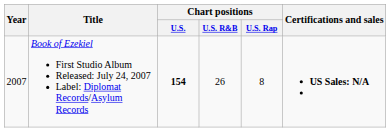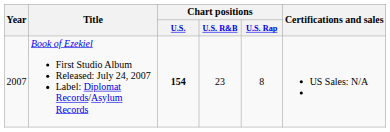 <table class="wikitable">
 <tr>
 <th rowspan="2">Year</th>
 <th rowspan="2" style="width:200px;">Title</th>
 <th colspan="3">Chart positions</th>
 <th rowspan="2">Certifications and sales</th>
 </tr>
 <tr>
 <th width="60"><small><a href='#'>U.S.</a></small></th>
 <th width="60"><small><a href='#'>U.S. R&B</a></small></th>
 <th width="60"><small><a href='#'>U.S. Rap</a></small></th>
 </tr>
 <tr>
 <td>2007</td>
 <td><em><a href='#'>Book of Ezekiel</a></em><br><ul><li>First Studio Album</li><li>Released: July 24, 2007</li><li>Label: <a href='#'>Diplomat Records</a>/<a href='#'>Asylum Records</a></li></ul></td>
 <td style="text-align:center;"><strong>154</strong></td>
-<td style="text-align:center;">26</td>
+<td style="text-align:center;">23</td>
 <td style="text-align:center;">8</td>
-<td align="left"><strong><br><ul><li>US Sales: N/A</li><li></li></ul></strong></td>
+<td align="left"><br><ul><li>US Sales: N/A</li><li></li></ul></td>
 </tr>
 </table>
